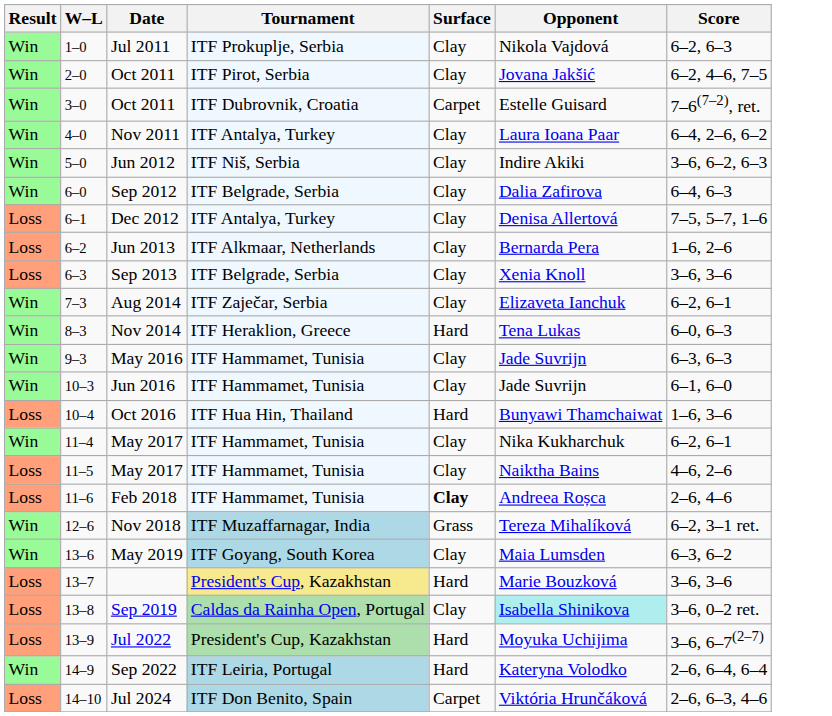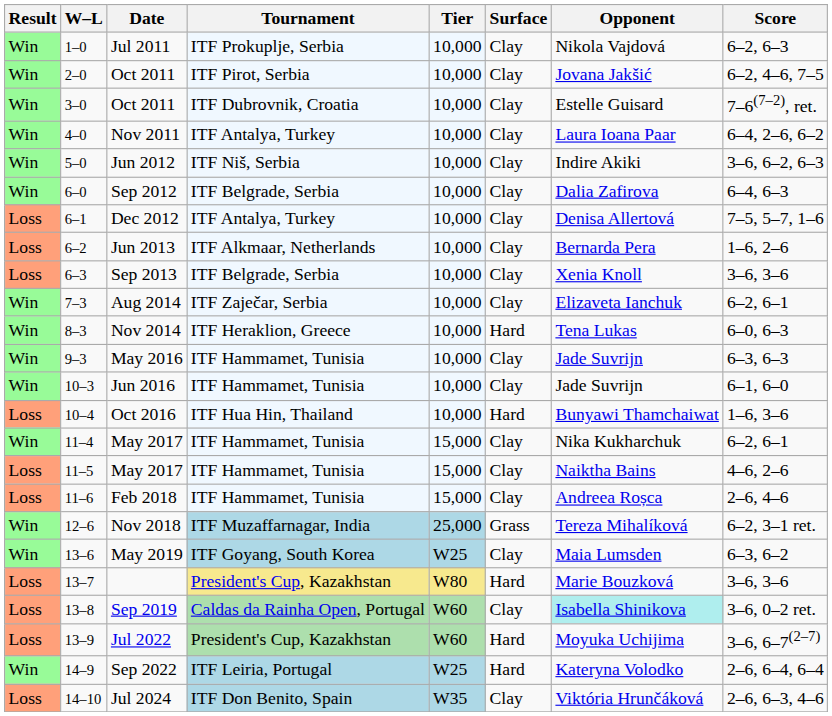 <table class="sortable wikitable">
 <tr>
 <th>Result</th>
 <th class="unsortable">W–L</th>
 <th>Date</th>
 <th>Tournament</th>
+<th>Tier</th>
 <th>Surface</th>
 <th>Opponent</th>
 <th class="unsortable">Score</th>
 </tr>
 <tr>
 <td style="background:#98fb98;">Win</td>
 <td><small>1–0</small></td>
 <td>Jul 2011</td>
 <td style="background:#f0f8ff;">ITF Prokuplje, Serbia</td>
+<td style="background:#f0f8ff;">10,000</td>
 <td>Clay</td>
 <td> Nikola Vajdová</td>
 <td>6–2, 6–3</td>
 </tr>
 <tr>
 <td style="background:#98fb98;">Win</td>
 <td><small>2–0</small></td>
 <td>Oct 2011</td>
 <td style="background:#f0f8ff;">ITF Pirot, Serbia</td>
+<td style="background:#f0f8ff;">10,000</td>
 <td>Clay</td>
 <td> <a href='#'>Jovana Jakšić</a></td>
 <td>6–2, 4–6, 7–5</td>
 </tr>
 <tr>
 <td style="background:#98fb98;">Win</td>
 <td><small>3–0</small></td>
 <td>Oct 2011</td>
 <td style="background:#f0f8ff;">ITF Dubrovnik, Croatia</td>
-<td>Carpet</td>
+<td style="background:#f0f8ff;">10,000</td>
+<td>Clay</td>
 <td> Estelle Guisard</td>
 <td>7–6<sup>(7–2)</sup>, ret.</td>
 </tr>
 <tr>
 <td style="background:#98fb98;">Win</td>
 <td><small>4–0</small></td>
 <td>Nov 2011</td>
 <td style="background:#f0f8ff;">ITF Antalya, Turkey</td>
+<td style="background:#f0f8ff;">10,000</td>
 <td>Clay</td>
 <td> <a href='#'>Laura Ioana Paar</a></td>
 <td>6–4, 2–6, 6–2</td>
 </tr>
 <tr>
 <td style="background:#98fb98;">Win</td>
 <td><small>5–0</small></td>
 <td>Jun 2012</td>
 <td style="background:#f0f8ff;">ITF Niš, Serbia</td>
+<td style="background:#f0f8ff;">10,000</td>
 <td>Clay</td>
 <td> Indire Akiki</td>
 <td>3–6, 6–2, 6–3</td>
 </tr>
 <tr>
 <td style="background:#98fb98;">Win</td>
 <td><small>6–0</small></td>
 <td>Sep 2012</td>
 <td style="background:#f0f8ff;">ITF Belgrade, Serbia</td>
+<td style="background:#f0f8ff;">10,000</td>
 <td>Clay</td>
 <td> <a href='#'>Dalia Zafirova</a></td>
 <td>6–4, 6–3</td>
 </tr>
 <tr>
 <td style="background:#ffa07a;">Loss</td>
 <td><small>6–1</small></td>
 <td>Dec 2012</td>
 <td style="background:#f0f8ff;">ITF Antalya, Turkey</td>
+<td style="background:#f0f8ff;">10,000</td>
 <td>Clay</td>
 <td> <a href='#'>Denisa Allertová</a></td>
 <td>7–5, 5–7, 1–6</td>
 </tr>
 <tr>
 <td style="background:#ffa07a;">Loss</td>
 <td><small>6–2</small></td>
 <td>Jun 2013</td>
 <td style="background:#f0f8ff;">ITF Alkmaar, Netherlands</td>
+<td style="background:#f0f8ff;">10,000</td>
 <td>Clay</td>
 <td> <a href='#'>Bernarda Pera</a></td>
 <td>1–6, 2–6</td>
 </tr>
 <tr>
 <td style="background:#ffa07a;">Loss</td>
 <td><small>6–3</small></td>
 <td>Sep 2013</td>
 <td style="background:#f0f8ff;">ITF Belgrade, Serbia</td>
+<td style="background:#f0f8ff;">10,000</td>
 <td>Clay</td>
 <td> <a href='#'>Xenia Knoll</a></td>
 <td>3–6, 3–6</td>
 </tr>
 <tr>
 <td style="background:#98fb98;">Win</td>
 <td><small>7–3</small></td>
 <td>Aug 2014</td>
 <td style="background:#f0f8ff;">ITF Zaječar, Serbia</td>
+<td style="background:#f0f8ff;">10,000</td>
 <td>Clay</td>
 <td> <a href='#'>Elizaveta Ianchuk</a></td>
 <td>6–2, 6–1</td>
 </tr>
 <tr>
 <td style="background:#98fb98;">Win</td>
 <td><small>8–3</small></td>
 <td>Nov 2014</td>
 <td style="background:#f0f8ff;">ITF Heraklion, Greece</td>
+<td style="background:#f0f8ff;">10,000</td>
 <td>Hard</td>
 <td> <a href='#'>Tena Lukas</a></td>
 <td>6–0, 6–3</td>
 </tr>
 <tr>
 <td style="background:#98fb98;">Win</td>
 <td><small>9–3</small></td>
 <td>May 2016</td>
 <td style="background:#f0f8ff;">ITF Hammamet, Tunisia</td>
+<td style="background:#f0f8ff;">10,000</td>
 <td>Clay</td>
 <td> <a href='#'>Jade Suvrijn</a></td>
 <td>6–3, 6–3</td>
 </tr>
 <tr>
 <td style="background:#98fb98;">Win</td>
 <td><small>10–3</small></td>
 <td>Jun 2016</td>
 <td style="background:#f0f8ff;">ITF Hammamet, Tunisia</td>
+<td style="background:#f0f8ff;">10,000</td>
 <td>Clay</td>
 <td> Jade Suvrijn</td>
 <td>6–1, 6–0</td>
 </tr>
 <tr>
 <td style="background:#ffa07a;">Loss</td>
 <td><small>10–4</small></td>
 <td>Oct 2016</td>
 <td style="background:#f0f8ff;">ITF Hua Hin, Thailand</td>
+<td style="background:#f0f8ff;">10,000</td>
 <td>Hard</td>
 <td> <a href='#'>Bunyawi Thamchaiwat</a></td>
 <td>1–6, 3–6</td>
 </tr>
 <tr>
 <td style="background:#98fb98;">Win</td>
 <td><small>11–4</small></td>
 <td>May 2017</td>
 <td style="background:#f0f8ff;">ITF Hammamet, Tunisia</td>
+<td style="background:#f0f8ff;">15,000</td>
 <td>Clay</td>
 <td> Nika Kukharchuk</td>
 <td>6–2, 6–1</td>
 </tr>
 <tr>
 <td style="background:#ffa07a;">Loss</td>
 <td><small>11–5</small></td>
 <td>May 2017</td>
 <td style="background:#f0f8ff;">ITF Hammamet, Tunisia</td>
+<td style="background:#f0f8ff;">15,000</td>
 <td>Clay</td>
 <td> <a href='#'>Naiktha Bains</a></td>
 <td>4–6, 2–6</td>
 </tr>
 <tr>
 <td style="background:#ffa07a;">Loss</td>
 <td><small>11–6</small></td>
 <td>Feb 2018</td>
 <td style="background:#f0f8ff;">ITF Hammamet, Tunisia</td>
-<td><strong>Clay</strong></td>
+<td style="background:#f0f8ff;">15,000</td>
+<td>Clay</td>
 <td> <a href='#'>Andreea Roșca</a></td>
 <td>2–6, 4–6</td>
 </tr>
 <tr>
 <td style="background:#98fb98;">Win</td>
 <td><small>12–6</small></td>
 <td>Nov 2018</td>
 <td style="background:lightblue;">ITF Muzaffarnagar, India</td>
+<td style="background:lightblue;">25,000</td>
 <td>Grass</td>
 <td> <a href='#'>Tereza Mihalíková</a></td>
 <td>6–2, 3–1 ret.</td>
 </tr>
 <tr>
 <td style="background:#98fb98;">Win</td>
 <td><small>13–6</small></td>
 <td>May 2019</td>
 <td style="background:lightblue;">ITF Goyang, South Korea</td>
+<td style="background:lightblue;">W25</td>
 <td>Clay</td>
 <td> <a href='#'>Maia Lumsden</a></td>
 <td>6–3, 6–2</td>
 </tr>
 <tr>
 <td style="background:#ffa07a;">Loss</td>
 <td><small>13–7</small></td>
 <td><a href='#'></a></td>
 <td style="background:#f7e98e;"><a href='#'>President's Cup</a>, Kazakhstan</td>
+<td style="background:#f7e98e;">W80</td>
 <td>Hard</td>
 <td> <a href='#'>Marie Bouzková</a></td>
 <td>3–6, 3–6</td>
 </tr>
 <tr>
 <td style="background:#ffa07a;">Loss</td>
 <td><small>13–8</small></td>
 <td><a href='#'>Sep 2019</a></td>
 <td style="background:#addfad"><a href='#'>Caldas da Rainha Open</a>, Portugal</td>
+<td style="background:#addfad">W60</td>
 <td>Clay</td>
 <td style="background: paleturquoise;"> <a href='#'>Isabella Shinikova</a></td>
 <td>3–6, 0–2 ret.</td>
 </tr>
 <tr>
 <td style="background:#ffa07a;">Loss</td>
 <td><small>13–9</small></td>
 <td><a href='#'>Jul 2022</a></td>
 <td style="background:#addfad">President's Cup, Kazakhstan</td>
+<td style="background:#addfad">W60</td>
 <td>Hard</td>
 <td> <a href='#'>Moyuka Uchijima</a></td>
 <td>3–6, 6–7<sup>(2–7)</sup></td>
 </tr>
 <tr>
 <td style="background:#98fb98;">Win</td>
 <td><small>14–9</small></td>
 <td>Sep 2022</td>
 <td style="background:lightblue;">ITF Leiria, Portugal</td>
+<td style="background:lightblue;">W25</td>
 <td>Hard</td>
 <td> <a href='#'>Kateryna Volodko</a></td>
 <td>2–6, 6–4, 6–4</td>
 </tr>
 <tr>
 <td style="background:#ffa07a;">Loss</td>
 <td><small>14–10</small></td>
 <td>Jul 2024</td>
 <td style="background:lightblue;">ITF Don Benito, Spain</td>
-<td>Carpet</td>
+<td style="background:lightblue;">W35</td>
+<td>Clay</td>
 <td> <a href='#'>Viktória Hrunčáková</a></td>
 <td>2–6, 6–3, 4–6</td>
 </tr>
 </table>
